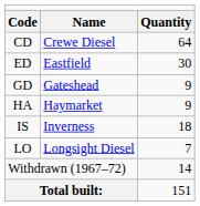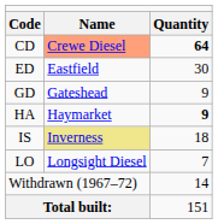 <table class="wikitable floatright">
 <tr>
 <td colspan=3></td>
 </tr>
 <tr>
 <th>Code</th>
 <th>Name</th>
 <th>Quantity</th>
 </tr>
 <tr>
 <td style="text-align:center">CD</td>
-<td><a href='#'>Crewe Diesel</a></td>
-<td style="text-align:right">64</td>
+<td style="background: lightsalmon;"><a href='#'>Crewe Diesel</a></td>
+<td style="text-align:right"><strong>64</strong></td>
 </tr>
 <tr>
 <td style="text-align:center">ED</td>
 <td><a href='#'>Eastfield</a></td>
 <td style="text-align:right">30</td>
 </tr>
 <tr>
 <td style="text-align:center">GD</td>
 <td><a href='#'>Gateshead</a></td>
 <td style="text-align:right">9</td>
 </tr>
 <tr>
 <td style="text-align:center">HA</td>
 <td><a href='#'>Haymarket</a></td>
-<td style="text-align:right">9</td>
+<td style="text-align:right"><strong>9</strong></td>
 </tr>
 <tr>
 <td style="text-align:center">IS</td>
-<td><a href='#'>Inverness</a></td>
+<td style="background: khaki;"><a href='#'>Inverness</a></td>
 <td style="text-align:right">18</td>
 </tr>
 <tr>
 <td style="text-align:center">LO</td>
 <td><a href='#'>Longsight Diesel</a></td>
 <td style="text-align:right">7</td>
 </tr>
 <tr>
 <td colspan=2>Withdrawn (1967–72)</td>
 <td style="text-align:right">14</td>
 </tr>
 <tr>
 <th colspan=2 scope=row>Total built:</th>
 <td style="text-align:right">151</td>
 </tr>
 </table>
